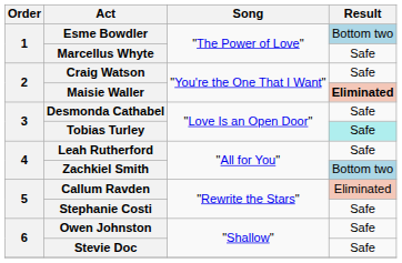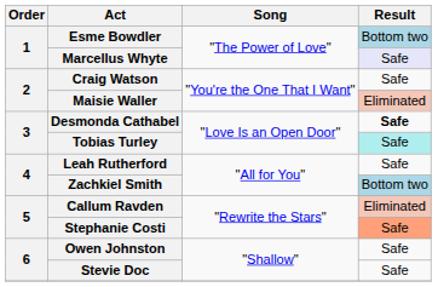 <table class="wikitable plainrowheaders" style="text-align:center;">
 <tr>
 <th scope="col">Order</th>
 <th scope="col">Act</th>
 <th scope="col">Song</th>
 <th scope="col">Result</th>
 </tr>
 <tr>
 <th rowspan="2"><strong>1</strong></th>
 <th scope="row">Esme Bowdler</th>
 <td rowspan="2">"<a href='#'>The Power of Love</a>"</td>
 <td style="background:#ACD7E6">Bottom two</td>
 </tr>
 <tr>
 <th scope="row">Marcellus Whyte</th>
-<td>Safe</td>
+<td style="background: lavender;">Safe</td>
 </tr>
 <tr>
 <th rowspan="2"><strong>2</strong></th>
 <th scope="row">Craig Watson</th>
 <td rowspan="2">"<a href='#'>You're the One That I Want</a>"</td>
 <td>Safe</td>
 </tr>
 <tr>
 <th scope="row">Maisie Waller</th>
-<td bgcolor="f4c7b8"><strong>Eliminated</strong></td>
+<td bgcolor="f4c7b8">Eliminated</td>
 </tr>
 <tr>
 <th rowspan="2"><strong>3</strong></th>
 <th scope="row">Desmonda Cathabel</th>
 <td rowspan="2">"<a href='#'>Love Is an Open Door</a>"</td>
-<td>Safe</td>
+<td><strong>Safe</strong></td>
 </tr>
 <tr>
 <th scope="row">Tobias Turley</th>
 <td style="background: paleturquoise;">Safe</td>
 </tr>
 <tr>
 <th rowspan="2"><strong>4</strong></th>
 <th scope="row">Leah Rutherford</th>
 <td rowspan="2">"<a href='#'>All for You</a>"</td>
 <td>Safe</td>
 </tr>
 <tr>
 <th scope="row">Zachkiel Smith</th>
 <td style="background:#ACD7E6">Bottom two</td>
 </tr>
 <tr>
 <th rowspan="2"><strong>5</strong></th>
 <th scope="row">Callum Ravden</th>
 <td rowspan="2">"<a href='#'>Rewrite the Stars</a>"</td>
 <td bgcolor="f4c7b8">Eliminated</td>
 </tr>
 <tr>
 <th scope="row">Stephanie Costi</th>
-<td>Safe</td>
+<td style="background: lightsalmon;">Safe</td>
 </tr>
 <tr>
 <th rowspan="2"><strong>6</strong></th>
 <th scope="row">Owen Johnston</th>
 <td rowspan="2">"<a href='#'>Shallow</a>"</td>
 <td>Safe</td>
 </tr>
 <tr>
 <th scope="row">Stevie Doc</th>
 <td>Safe</td>
 </tr>
 <tr>
 </tr>
 </table>
